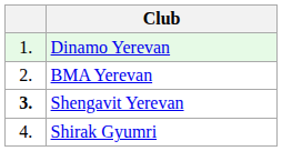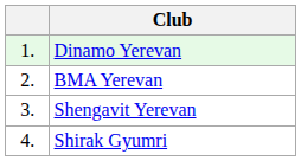 <table class="wikitable">
 <tr>
 <th width="30"></th>
 <th width="200">Club</th>
 </tr>
 <tr bgcolor="#e6fae6" align="center">
 <td>1.</td>
 <td align="left"><a href='#'>Dinamo Yerevan</a></td>
 </tr>
 <tr bgcolor="#FFFFFF" align="center">
 <td>2.</td>
 <td align="left"><a href='#'>BMA Yerevan</a></td>
 </tr>
 <tr bgcolor="#FFFFFF" align="center">
-<td><strong>3.</strong></td>
+<td>3.</td>
 <td align="left"><a href='#'>Shengavit Yerevan</a></td>
 </tr>
 <tr bgcolor="#FFFFFF" align="center">
 <td>4.</td>
 <td align="left"><a href='#'>Shirak Gyumri</a></td>
 </tr>
 </table>
